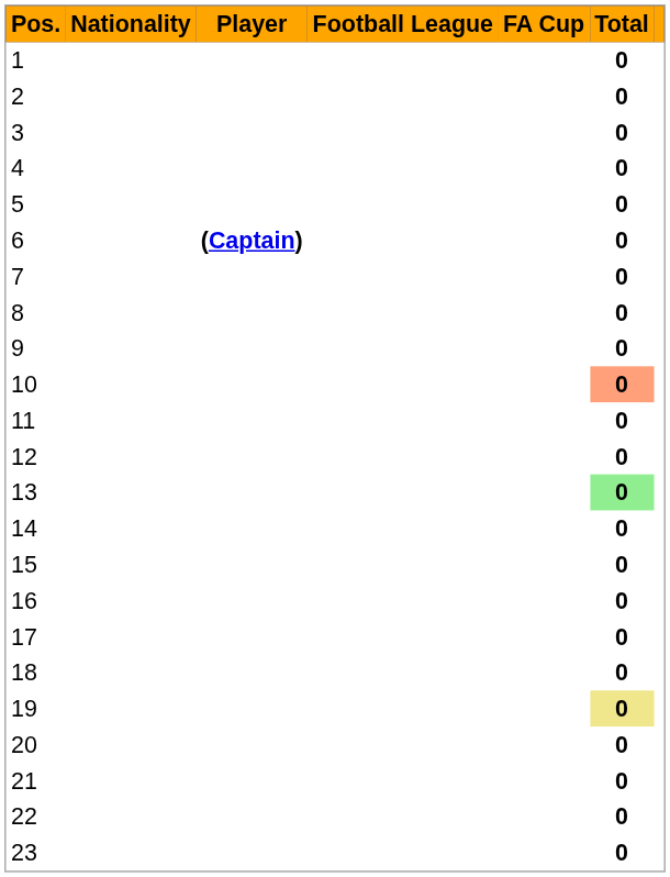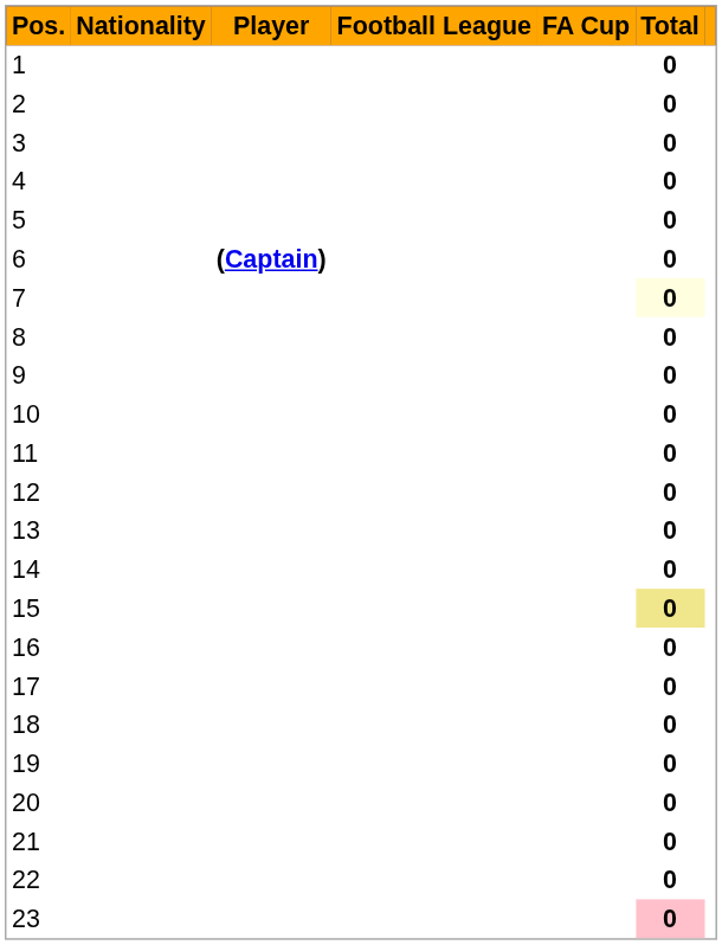 <table cellspacing="0" cellpadding="3" style="border:1px solid #AAAAAA;font-size:90%">
 <tr bgcolor="#191970">
 <th style=background:orange; align="center"><span>Pos.</span></th>
 <th style=background:orange; align="center"><span>Nationality</span></th>
 <th style=background:orange; align="center"><span>Player</span></th>
 <th style=background:orange; align="center"><span>Football League</span></th>
 <th style=background:orange; align="center"><span>FA Cup</span></th>
 <th style=background:orange; align="center"><span>Total</span></th>
 <th style=background:orange; align="center"><span></span></th>
 </tr>
 <tr>
 <td>1</td>
 <td></td>
 <td></td>
 <td align="center"></td>
 <td align="center"></td>
 <td align="center"><strong>0</strong></td>
 <td align="center"></td>
 </tr>
 <tr>
 <td>2</td>
 <td></td>
 <td></td>
 <td align="center"></td>
 <td align="center"></td>
 <td align="center"><strong>0</strong></td>
 <td align="center"></td>
 </tr>
 <tr>
 <td>3</td>
 <td></td>
 <td></td>
 <td align="center"></td>
 <td align="center"></td>
 <td align="center"><strong>0</strong></td>
 <td align="center"></td>
 </tr>
 <tr>
 <td>4</td>
 <td></td>
 <td></td>
 <td align="center"></td>
 <td align="center"></td>
 <td align="center"><strong>0</strong></td>
 <td align="center"></td>
 </tr>
 <tr>
 <td>5</td>
 <td></td>
 <td></td>
 <td align="center"></td>
 <td align="center"></td>
 <td align="center"><strong>0</strong></td>
 <td align="center"></td>
 </tr>
 <tr>
 <td>6</td>
 <td></td>
 <td> <strong>(<a href='#'>Captain</a>)</strong></td>
 <td align="center"></td>
 <td align="center"></td>
 <td align="center"><strong>0</strong></td>
 <td align="center"></td>
 </tr>
 <tr>
 <td>7</td>
 <td></td>
 <td></td>
 <td align="center"></td>
 <td align="center"></td>
-<td align="center"><strong>0</strong></td>
+<td align="center" style="background: lightyellow;"><strong>0</strong></td>
 <td align="center"></td>
 </tr>
 <tr>
 <td>8</td>
 <td></td>
 <td></td>
 <td align="center"></td>
 <td align="center"></td>
 <td align="center"><strong>0</strong></td>
 <td align="center"></td>
 </tr>
 <tr>
 <td>9</td>
 <td></td>
 <td></td>
 <td align="center"></td>
 <td align="center"></td>
 <td align="center"><strong>0</strong></td>
 <td align="center"></td>
 </tr>
 <tr>
 <td>10</td>
 <td></td>
 <td></td>
 <td align="center"></td>
 <td align="center"></td>
-<td align="center" style="background: lightsalmon;"><strong>0</strong></td>
+<td align="center"><strong>0</strong></td>
 <td align="center"></td>
 </tr>
 <tr>
 <td>11</td>
 <td></td>
 <td></td>
 <td align="center"></td>
 <td align="center"></td>
 <td align="center"><strong>0</strong></td>
 <td align="center"></td>
 </tr>
 <tr>
 <td>12</td>
 <td></td>
 <td></td>
 <td align="center"></td>
 <td align="center"></td>
 <td align="center"><strong>0</strong></td>
 <td align="center"></td>
 </tr>
 <tr>
 <td>13</td>
 <td></td>
 <td></td>
 <td align="center"></td>
 <td align="center"></td>
-<td align="center" style="background: lightgreen;"><strong>0</strong></td>
+<td align="center"><strong>0</strong></td>
 <td align="center"></td>
 </tr>
 <tr>
 <td>14</td>
 <td></td>
 <td></td>
 <td align="center"></td>
 <td align="center"></td>
 <td align="center"><strong>0</strong></td>
 <td align="center"></td>
 </tr>
 <tr>
 <td>15</td>
 <td></td>
 <td></td>
 <td align="center"></td>
 <td align="center"></td>
-<td align="center"><strong>0</strong></td>
+<td align="center" style="background: khaki;"><strong>0</strong></td>
 <td align="center"></td>
 </tr>
 <tr>
 <td>16</td>
 <td></td>
 <td></td>
 <td align="center"></td>
 <td align="center"></td>
 <td align="center"><strong>0</strong></td>
 <td align="center"></td>
 </tr>
 <tr>
 <td>17</td>
 <td></td>
 <td></td>
 <td align="center"></td>
 <td align="center"></td>
 <td align="center"><strong>0</strong></td>
 <td align="center"></td>
 </tr>
 <tr>
 <td>18</td>
 <td></td>
 <td></td>
 <td align="center"></td>
 <td align="center"></td>
 <td align="center"><strong>0</strong></td>
 <td align="center"></td>
 </tr>
 <tr>
 <td>19</td>
 <td></td>
 <td></td>
 <td align="center"></td>
 <td align="center"></td>
-<td align="center" style="background: khaki;"><strong>0</strong></td>
+<td align="center"><strong>0</strong></td>
 <td align="center"></td>
 </tr>
 <tr>
 <td>20</td>
 <td></td>
 <td></td>
 <td align="center"></td>
 <td align="center"></td>
 <td align="center"><strong>0</strong></td>
 <td align="center"></td>
 </tr>
 <tr>
 <td>21</td>
 <td></td>
 <td></td>
 <td align="center"></td>
 <td align="center"></td>
 <td align="center"><strong>0</strong></td>
 <td align="center"></td>
 </tr>
 <tr>
 <td>22</td>
 <td></td>
 <td></td>
 <td align="center"></td>
 <td align="center"></td>
 <td align="center"><strong>0</strong></td>
 <td align="center"></td>
 </tr>
 <tr>
 <td>23</td>
 <td></td>
 <td></td>
 <td align="center"></td>
 <td align="center"></td>
-<td align="center"><strong>0</strong></td>
+<td align="center" style="background: pink;"><strong>0</strong></td>
 <td align="center"></td>
 </tr>
 <tr>
 </tr>
 </table>
